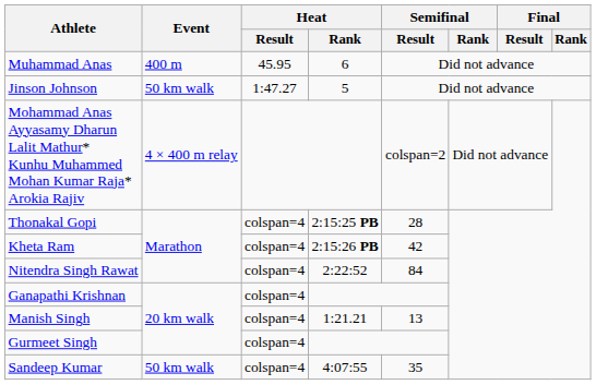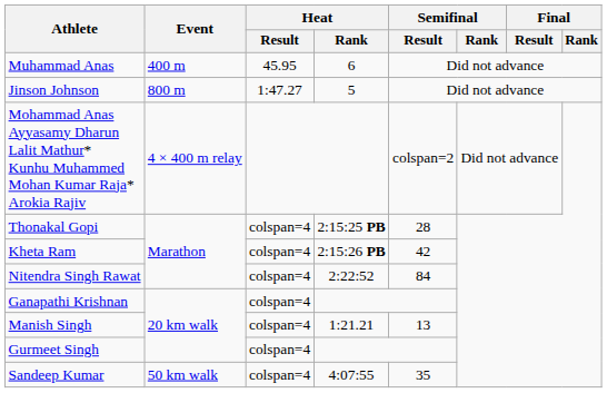 <table class="wikitable" style="font-size:90%">
 <tr>
 <th rowspan=2>Athlete</th>
 <th rowspan=2>Event</th>
 <th colspan=2>Heat</th>
 <th colspan=2>Semifinal</th>
 <th colspan=2>Final</th>
 </tr>
 <tr style="font-size:95%">
 <th>Result</th>
 <th>Rank</th>
 <th>Result</th>
 <th>Rank</th>
 <th>Result</th>
 <th>Rank</th>
 </tr>
 <tr align="center">
 <td align=left><a href='#'>Muhammad Anas</a></td>
 <td align=left><a href='#'>400 m</a></td>
 <td>45.95</td>
 <td>6</td>
 <td colspan="4">Did not advance</td>
 </tr>
 <tr align="center">
 <td align=left><a href='#'>Jinson Johnson</a></td>
-<td align="left"><a href='#'>50 km walk</a></td>
+<td align=left><a href='#'>800 m</a></td>
 <td>1:47.27</td>
 <td>5</td>
 <td colspan="4">Did not advance</td>
 </tr>
 <tr align=center>
 <td align=left><a href='#'>Mohammad Anas</a><br><a href='#'>Ayyasamy Dharun</a><br><a href='#'>Lalit Mathur</a>*<br><a href='#'>Kunhu Muhammed</a><br><a href='#'>Mohan Kumar Raja</a>*<br><a href='#'>Arokia Rajiv</a></td>
 <td align=left><a href='#'>4 × 400 m relay</a></td>
 <td colspan=2></td>
 <td>colspan=2 </td>
 <td colspan=2>Did not advance</td>
 </tr>
 <tr align=center>
 <td align=left><a href='#'>Thonakal Gopi</a></td>
 <td align=left rowspan=3><a href='#'>Marathon</a></td>
 <td>colspan=4 </td>
 <td>2:15:25 <strong>PB</strong></td>
 <td>28</td>
 </tr>
 <tr align="center">
 <td align=left><a href='#'>Kheta Ram</a></td>
 <td>colspan=4 </td>
 <td>2:15:26 <strong>PB</strong></td>
 <td>42</td>
 </tr>
 <tr align="center">
 <td align=left><a href='#'>Nitendra Singh Rawat</a></td>
 <td>colspan=4 </td>
 <td>2:22:52</td>
 <td>84</td>
 </tr>
 <tr align=center>
 <td align=left><a href='#'>Ganapathi Krishnan</a></td>
 <td align=left rowspan=3><a href='#'>20 km walk</a></td>
 <td>colspan=4 </td>
 <td colspan=2></td>
 </tr>
 <tr align=center>
 <td align=left><a href='#'>Manish Singh</a></td>
 <td>colspan=4 </td>
 <td>1:21.21</td>
 <td>13</td>
 </tr>
 <tr align=center>
 <td align=left><a href='#'>Gurmeet Singh</a></td>
 <td>colspan=4 </td>
 <td colspan=2></td>
 </tr>
 <tr align="center">
 <td align=left><a href='#'>Sandeep Kumar</a></td>
 <td align="left"><a href='#'>50 km walk</a></td>
 <td>colspan=4 </td>
 <td>4:07:55</td>
 <td>35</td>
 </tr>
 </table>
